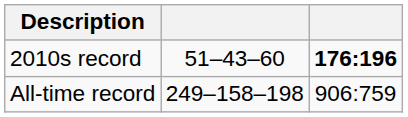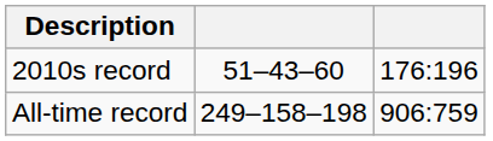 <table class="wikitable">
 <tr>
 <th>Description</th>
 <th></th>
 <th></th>
 </tr>
 <tr>
 <td>2010s record</td>
 <td align="center">51–43–60</td>
-<td align="center"><strong>176:196</strong></td>
+<td align="center">176:196</td>
 </tr>
 <tr>
 <td>All-time record</td>
 <td align="center">249–158–198</td>
 <td align="center">906:759</td>
 </tr>
 </table>
